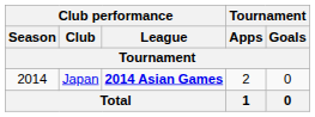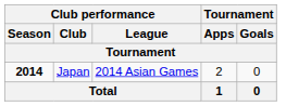 <table class="wikitable" style="text-align:center;">
 <tr>
 <th colspan=3>Club performance</th>
 <th colspan=2>Tournament</th>
 </tr>
 <tr>
 <th>Season</th>
 <th>Club</th>
 <th>League</th>
 <th>Apps</th>
 <th>Goals</th>
 </tr>
 <tr>
 <th colspan=6>Tournament</th>
 </tr>
 <tr>
-<td>2014</td>
+<td><strong>2014</strong></td>
 <td><a href='#'>Japan</a></td>
-<td><strong><a href='#'>2014 Asian Games</a></strong></td>
+<td><a href='#'>2014 Asian Games</a></td>
 <td>2</td>
 <td>0</td>
 </tr>
 <tr>
 <th colspan=3>Total</th>
 <th>1</th>
 <th>0</th>
 </tr>
 </table>
